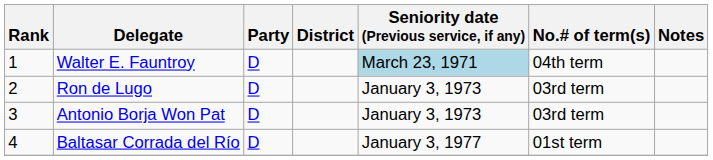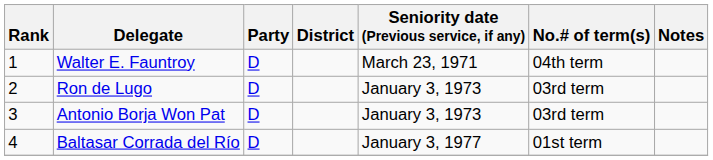 <table class="wikitable sortable">
 <tr valign=bottom>
 <th>Rank</th>
 <th>Delegate</th>
 <th>Party</th>
 <th>District</th>
 <th>Seniority date<br><small>(Previous service, if any)</small><br></th>
 <th>No.# of term(s)</th>
 <th>Notes</th>
 </tr>
 <tr>
 <td>1</td>
 <td><a href='#'>Walter E. Fauntroy</a></td>
 <td><a href='#'>D</a></td>
 <td></td>
-<td style="background: lightblue;">March 23, 1971</td>
+<td>March 23, 1971</td>
 <td>04th term</td>
 <td></td>
 </tr>
 <tr>
 <td>2</td>
 <td><a href='#'>Ron de Lugo</a></td>
 <td><a href='#'>D</a></td>
 <td></td>
 <td>January 3, 1973</td>
 <td>03rd term</td>
 <td></td>
 </tr>
 <tr>
 <td>3</td>
 <td><a href='#'>Antonio Borja Won Pat</a></td>
 <td><a href='#'>D</a></td>
 <td></td>
 <td>January 3, 1973</td>
 <td>03rd term</td>
 <td></td>
 </tr>
 <tr>
 <td>4</td>
 <td><a href='#'>Baltasar Corrada del Río</a></td>
 <td><a href='#'>D</a></td>
 <td></td>
 <td>January 3, 1977</td>
 <td>01st term</td>
 <td></td>
 </tr>
 <tr>
 </tr>
 </table>
